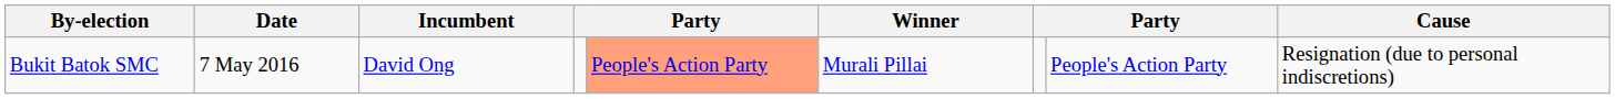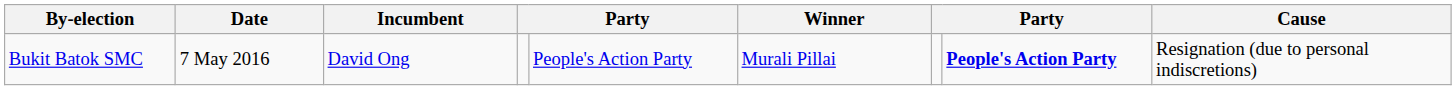 <table class="wikitable">
 <tr>
 <th ! scope="col" width="140px">By-election</th>
 <th ! scope="col" width="120px">Date</th>
 <th ! scope="col" width="160px">Incumbent</th>
 <th ! scope="col" width="200px" colspan=2>Party</th>
 <th ! scope="col" width="160px">Winner</th>
 <th ! scope="col" width="200px" colspan=2>Party</th>
 <th ! scope="col">Cause</th>
 </tr>
 <tr>
 <td><a href='#'>Bukit Batok SMC</a></td>
 <td>7 May 2016</td>
 <td><a href='#'>David Ong</a></td>
 <td></td>
-<td style="background: lightsalmon;"><a href='#'>People's Action Party</a></td>
+<td><a href='#'>People's Action Party</a></td>
 <td><a href='#'>Murali Pillai</a></td>
 <td></td>
-<td><a href='#'>People's Action Party</a></td>
+<td><strong><a href='#'>People's Action Party</a></strong></td>
 <td>Resignation (due to personal indiscretions)</td>
 </tr>
 </table>
